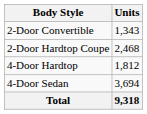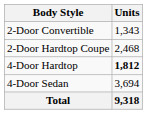 <table class="wikitable">
 <tr>
 <th>Body Style</th>
 <th>Units</th>
 </tr>
 <tr>
 <td>2-Door Convertible</td>
 <td>1,343</td>
 </tr>
 <tr>
 <td>2-Door Hardtop Coupe</td>
 <td>2,468</td>
 </tr>
 <tr>
 <td>4-Door Hardtop</td>
-<td>1,812</td>
+<td><strong>1,812</strong></td>
 </tr>
 <tr>
 <td>4-Door Sedan</td>
 <td>3,694</td>
 </tr>
 <tr>
 <th>Total</th>
 <th>9,318</th>
 </tr>
 </table>
